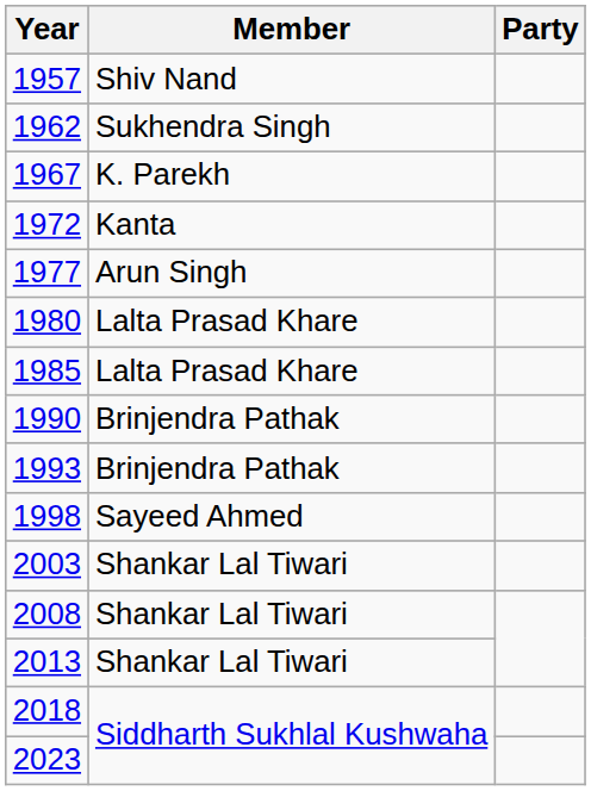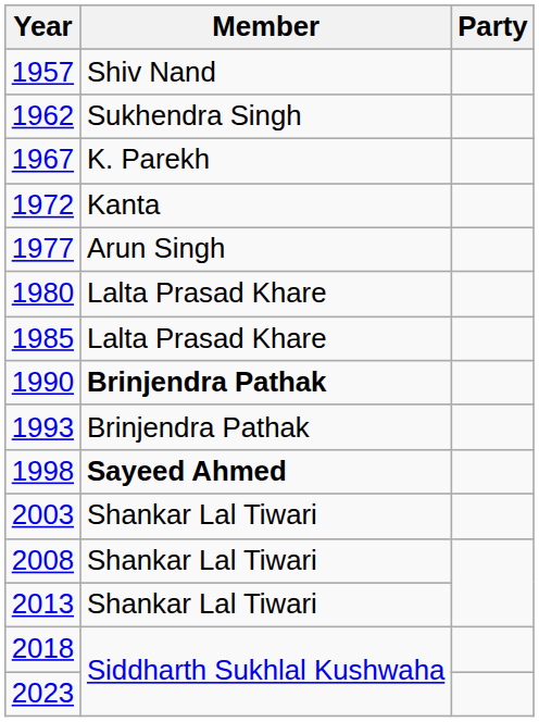 <table class="wikitable sortable">
 <tr>
 <th>Year</th>
 <th>Member</th>
 <th colspan="2">Party</th>
 </tr>
 <tr>
 <td><a href='#'>1957</a></td>
 <td>Shiv Nand</td>
 <td></td>
 </tr>
 <tr>
 <td><a href='#'>1962</a></td>
 <td>Sukhendra Singh</td>
 <td></td>
 </tr>
 <tr>
 <td><a href='#'>1967</a></td>
 <td>K. Parekh</td>
 <td></td>
 </tr>
 <tr>
 <td><a href='#'>1972</a></td>
 <td>Kanta</td>
 </tr>
 <tr>
 <td><a href='#'>1977</a></td>
 <td>Arun Singh</td>
 <td></td>
 </tr>
 <tr>
 <td><a href='#'>1980</a></td>
 <td>Lalta Prasad Khare</td>
 <td></td>
 </tr>
 <tr>
 <td><a href='#'>1985</a></td>
 <td>Lalta Prasad Khare</td>
 <td></td>
 </tr>
 <tr>
 <td><a href='#'>1990</a></td>
-<td>Brinjendra Pathak</td>
+<td><strong>Brinjendra Pathak</strong></td>
 <td></td>
 </tr>
 <tr>
 <td><a href='#'>1993</a></td>
 <td>Brinjendra Pathak</td>
 </tr>
 <tr>
 <td><a href='#'>1998</a></td>
-<td>Sayeed Ahmed</td>
+<td><strong>Sayeed Ahmed</strong></td>
 <td></td>
 </tr>
 <tr>
 <td><a href='#'>2003</a></td>
 <td>Shankar Lal Tiwari</td>
 <td></td>
 </tr>
 <tr>
 <td><a href='#'>2008</a></td>
 <td>Shankar Lal Tiwari</td>
 </tr>
 <tr>
 <td><a href='#'>2013</a></td>
 <td>Shankar Lal Tiwari</td>
 </tr>
 <tr>
 <td><a href='#'>2018</a></td>
 <td rowspan="2"><a href='#'>Siddharth Sukhlal Kushwaha</a></td>
 <td></td>
 </tr>
 <tr>
 <td><a href='#'>2023</a></td>
 </tr>
 </table>
